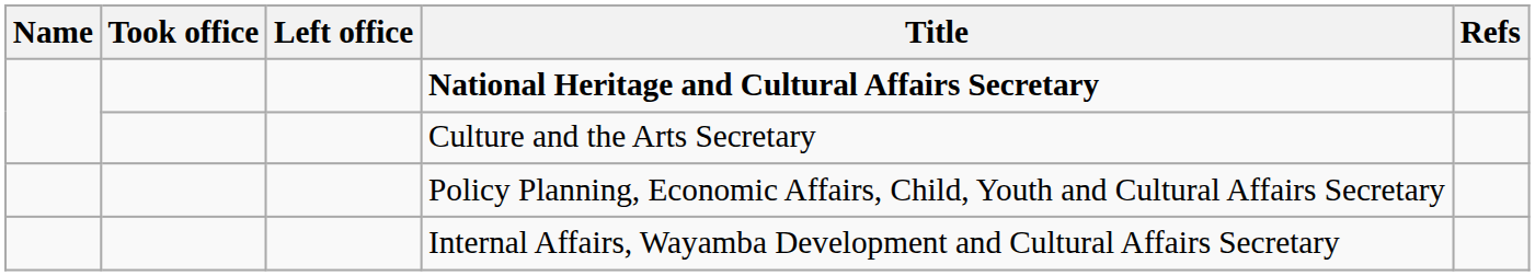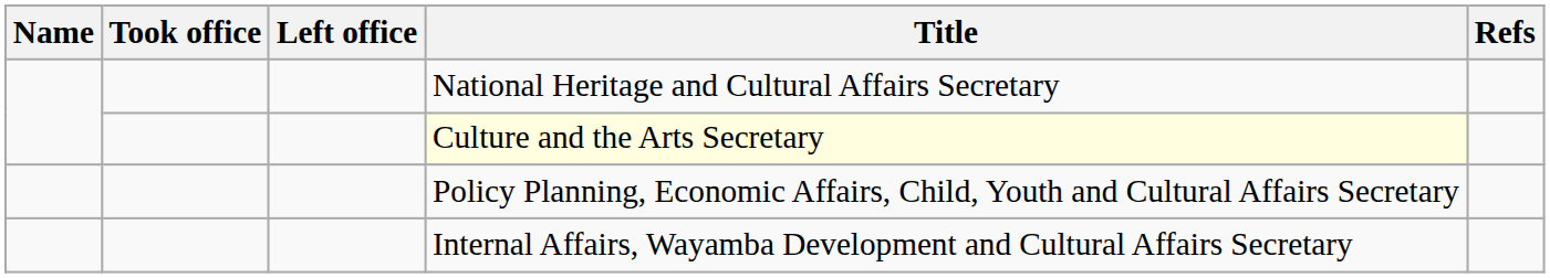 <table class="wikitable plainrowheaders sortable" style="font-size:90%; text-align:left;">
 <tr>
 <th scope=col>Name</th>
 <th scope=col>Took office</th>
 <th scope=col>Left office</th>
 <th scope=col>Title</th>
 <th scope=col class=unsortable>Refs</th>
 </tr>
 <tr>
 <td rowspan=2></td>
 <td align=center></td>
 <td align=center></td>
-<td><strong>National Heritage and Cultural Affairs Secretary</strong></td>
+<td>National Heritage and Cultural Affairs Secretary</td>
 <td align=center></td>
 </tr>
 <tr>
 <td align=center></td>
 <td align=center></td>
-<td>Culture and the Arts Secretary</td>
+<td style="background: lightyellow;">Culture and the Arts Secretary</td>
 <td align=center></td>
 </tr>
 <tr>
 <td></td>
 <td align=center></td>
 <td align=center></td>
 <td>Policy Planning, Economic Affairs, Child, Youth and Cultural Affairs Secretary</td>
 <td align=center></td>
 </tr>
 <tr>
 <td></td>
 <td align=center></td>
 <td align=center></td>
 <td>Internal Affairs, Wayamba Development and Cultural Affairs Secretary</td>
 <td align=center></td>
 </tr>
 </table>
